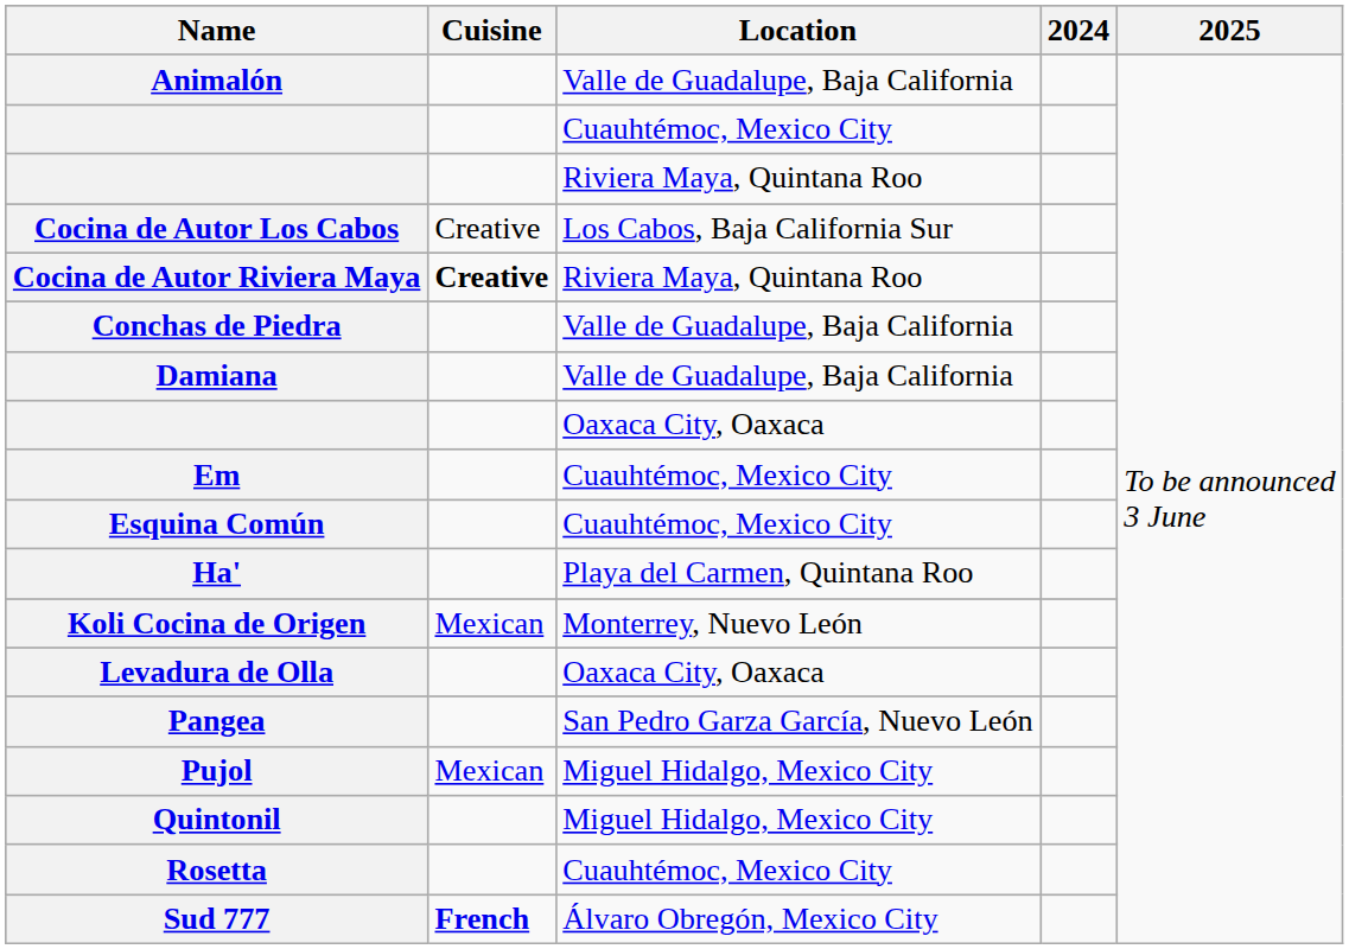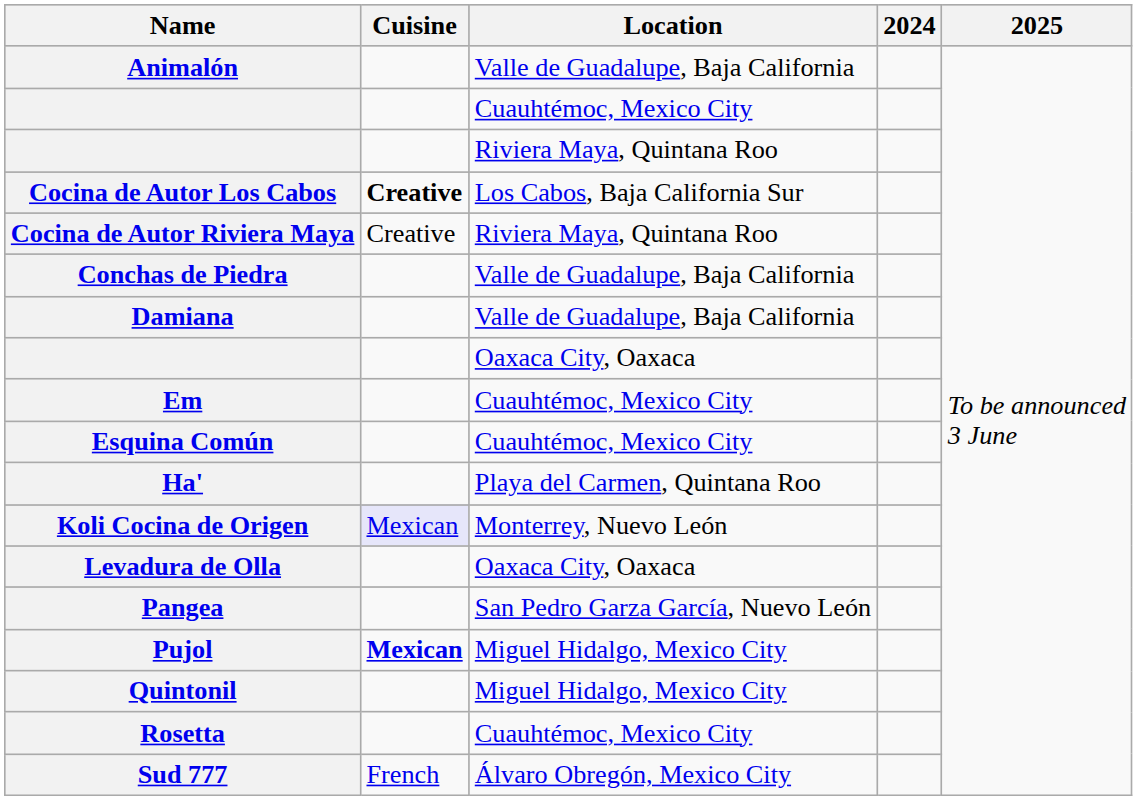 <table class="wikitable sortable plainrowheaders" style="text-align:left;">
 <tr>
 <th scope="col">Name</th>
 <th scope="col">Cuisine</th>
 <th scope="col">Location</th>
 <th scope="col">2024</th>
 <th scope="col">2025</th>
 </tr>
 <tr>
 <th scope="row"><a href='#'>Animalón</a></th>
 <td></td>
 <td><a href='#'>Valle de Guadalupe</a>, Baja California</td>
 <td></td>
 <td rowspan="18"><em>To be announced<br>3 June</em></td>
 </tr>
 <tr>
 <th scope="row"></th>
 <td></td>
 <td><a href='#'>Cuauhtémoc, Mexico City</a></td>
 <td></td>
 </tr>
 <tr>
 <th scope="row"></th>
 <td></td>
 <td><a href='#'>Riviera Maya</a>, Quintana  Roo</td>
 <td></td>
 </tr>
 <tr>
 <th scope="row"><a href='#'>Cocina de Autor Los Cabos</a></th>
-<td>Creative</td>
+<td><strong>Creative</strong></td>
 <td><a href='#'>Los Cabos</a>, Baja California Sur</td>
 <td></td>
 </tr>
 <tr>
 <th scope="row"><a href='#'>Cocina de Autor Riviera Maya</a></th>
-<td><strong>Creative</strong></td>
+<td>Creative</td>
 <td><a href='#'>Riviera Maya</a>, Quintana Roo</td>
 <td></td>
 </tr>
 <tr>
 <th scope="row"><a href='#'>Conchas de Piedra</a></th>
 <td></td>
 <td><a href='#'>Valle de Guadalupe</a>, Baja California</td>
 <td></td>
 </tr>
 <tr>
 <th scope="row"><a href='#'>Damiana</a></th>
 <td></td>
 <td><a href='#'>Valle de Guadalupe</a>, Baja California</td>
 <td></td>
 </tr>
 <tr>
 <th scope="row"></th>
 <td></td>
 <td><a href='#'>Oaxaca City</a>, Oaxaca</td>
 <td></td>
 </tr>
 <tr>
 <th scope="row"><a href='#'>Em</a></th>
 <td></td>
 <td><a href='#'>Cuauhtémoc, Mexico City</a></td>
 <td></td>
 </tr>
 <tr>
 <th scope="row"><a href='#'>Esquina Común</a></th>
 <td></td>
 <td><a href='#'>Cuauhtémoc, Mexico City</a></td>
 <td></td>
 </tr>
 <tr>
 <th scope="row"><a href='#'>Ha'</a></th>
 <td></td>
 <td><a href='#'>Playa del Carmen</a>, Quintana Roo</td>
 <td></td>
 </tr>
 <tr>
 <th scope="row"><a href='#'>Koli Cocina de Origen</a></th>
-<td><a href='#'>Mexican</a></td>
+<td style="background: lavender;"><a href='#'>Mexican</a></td>
 <td><a href='#'>Monterrey</a>, Nuevo León</td>
 <td></td>
 </tr>
 <tr>
 <th scope="row"><a href='#'>Levadura de Olla</a></th>
 <td></td>
 <td><a href='#'>Oaxaca City</a>, Oaxaca</td>
 <td></td>
 </tr>
 <tr>
 <th scope="row"><a href='#'>Pangea</a></th>
 <td></td>
 <td><a href='#'>San Pedro Garza García</a>, Nuevo León</td>
 <td></td>
 </tr>
 <tr>
 <th scope="row"><a href='#'>Pujol</a></th>
-<td><a href='#'>Mexican</a></td>
+<td><strong><a href='#'>Mexican</a></strong></td>
 <td><a href='#'>Miguel Hidalgo, Mexico City</a></td>
 <td></td>
 </tr>
 <tr>
 <th scope="row"><a href='#'>Quintonil</a></th>
 <td></td>
 <td><a href='#'>Miguel Hidalgo, Mexico City</a></td>
 <td></td>
 </tr>
 <tr>
 <th scope="row"><a href='#'>Rosetta</a></th>
 <td></td>
 <td><a href='#'>Cuauhtémoc, Mexico City</a></td>
 <td></td>
 </tr>
 <tr>
 <th scope="row"><a href='#'>Sud 777</a></th>
-<td><strong><a href='#'>French</a></strong></td>
+<td><a href='#'>French</a></td>
 <td><a href='#'>Álvaro Obregón, Mexico City</a></td>
 <td></td>
 </tr>
 </table>
